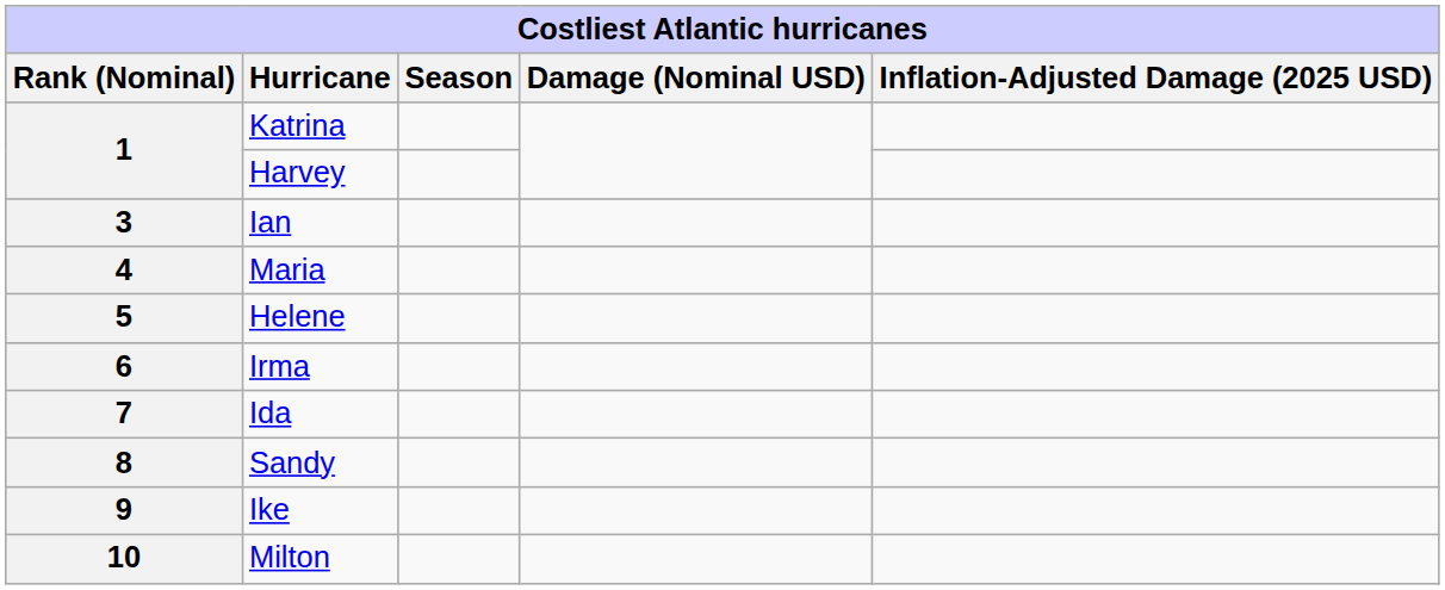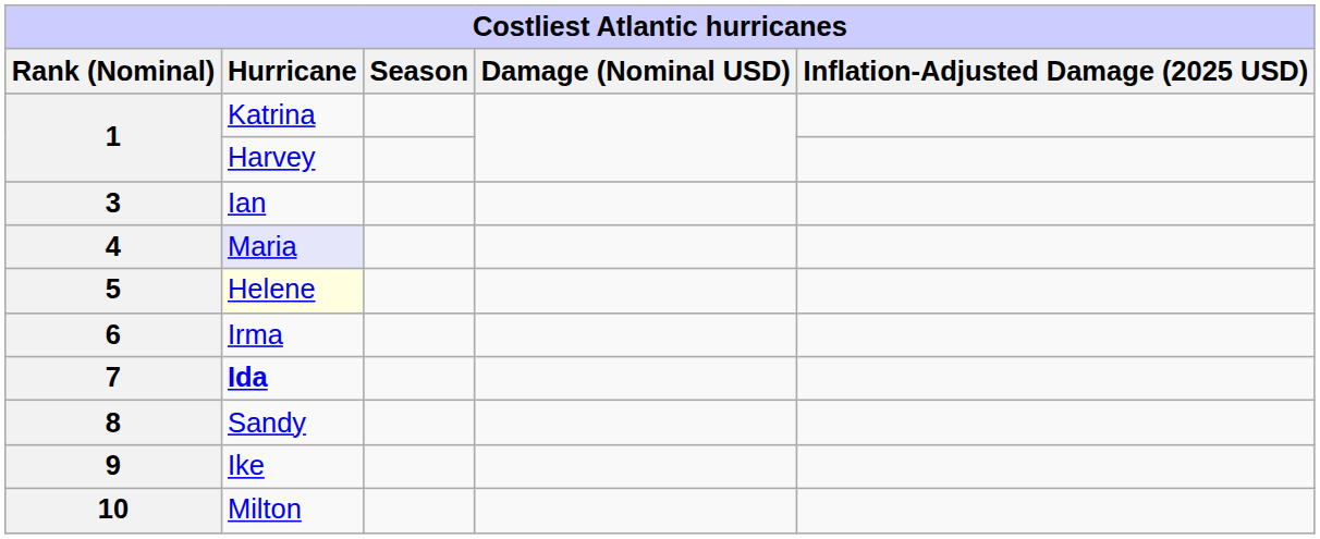 <table class="wikitable sortable" style="margin-left:left; margin-right:auto;">
 <tr>
 <th colspan="5" style="background:#ccf;">Costliest Atlantic hurricanes</th>
 </tr>
 <tr>
 <th>Rank (Nominal)</th>
 <th>Hurricane</th>
 <th>Season</th>
 <th>Damage (Nominal USD)</th>
 <th>Inflation-Adjusted Damage (2025 USD)</th>
 </tr>
 <tr>
 <th rowspan=2>1</th>
 <td> <a href='#'>Katrina</a></td>
 <td></td>
 <td rowspan=2></td>
 <td></td>
 </tr>
 <tr>
 <td> <a href='#'>Harvey</a></td>
 <td></td>
 <td></td>
 </tr>
 <tr>
 <th>3</th>
 <td> <a href='#'>Ian</a></td>
 <td></td>
 <td></td>
 <td></td>
 </tr>
 <tr>
 <th>4</th>
-<td> <a href='#'>Maria</a></td>
+<td style="background: lavender;"> <a href='#'>Maria</a></td>
 <td></td>
 <td></td>
 <td></td>
 </tr>
 <tr>
 <th>5</th>
-<td> <a href='#'>Helene</a></td>
+<td style="background: lightyellow;"> <a href='#'>Helene</a></td>
 <td></td>
 <td></td>
 <td></td>
 </tr>
 <tr>
 <th>6</th>
 <td> <a href='#'>Irma</a></td>
 <td></td>
 <td></td>
 <td></td>
 </tr>
 <tr>
 <th>7</th>
-<td> <a href='#'>Ida</a></td>
+<td><strong> <a href='#'>Ida</a></strong></td>
 <td></td>
 <td></td>
 <td></td>
 </tr>
 <tr>
 <th>8</th>
 <td> <a href='#'>Sandy</a></td>
 <td></td>
 <td></td>
 <td></td>
 </tr>
 <tr>
 <th>9</th>
 <td> <a href='#'>Ike</a></td>
 <td></td>
 <td></td>
 <td></td>
 </tr>
 <tr>
 <th>10</th>
 <td> <a href='#'>Milton</a></td>
 <td></td>
 <td></td>
 <td></td>
 </tr>
 </table>
